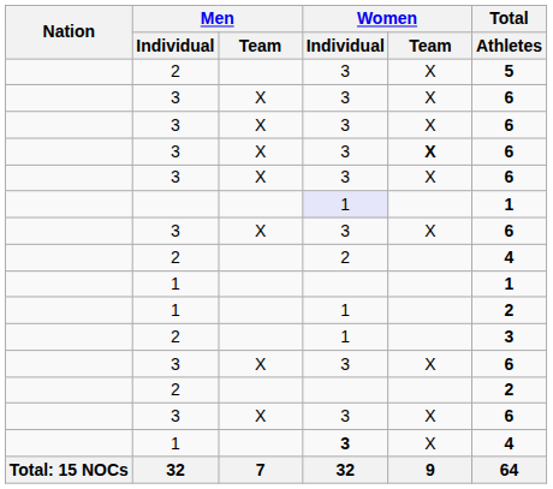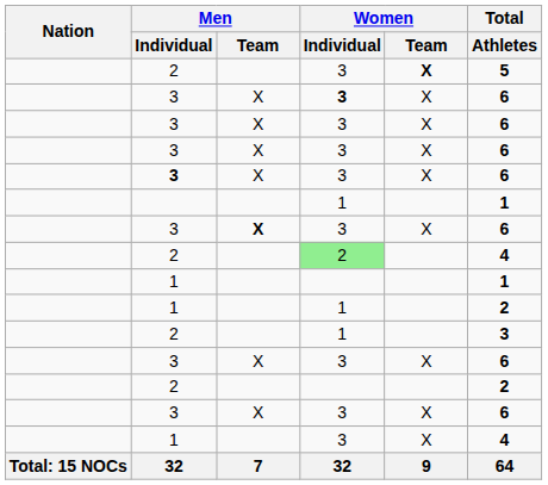 <table class="wikitable" style="text-align:center; font-size:90%">
 <tr>
 <th rowspan="2" align="left">Nation</th>
 <th colspan="2"><a href='#'>Men</a></th>
 <th colspan="2"><a href='#'>Women</a></th>
 <th>Total</th>
 </tr>
 <tr>
 <th width=65>Individual</th>
 <th width=65>Team</th>
 <th width=65>Individual</th>
 <th width=65>Team</th>
 <th width=55>Athletes</th>
 </tr>
 <tr>
 <td align=left></td>
 <td>2</td>
 <td></td>
 <td>3</td>
+<td><strong>X</strong></td>
+<td><strong>5</strong></td>
+</tr>
+<tr>
+<td align=left></td>
+<td>3</td>
 <td>X</td>
-<td><strong>5</strong></td>
+<td><strong>3</strong></td>
+<td>X</td>
+<td><strong>6</strong></td>
 </tr>
 <tr>
 <td align=left></td>
 <td>3</td>
 <td>X</td>
 <td>3</td>
 <td>X</td>
 <td><strong>6</strong></td>
 </tr>
 <tr>
 <td align=left></td>
 <td>3</td>
 <td>X</td>
 <td>3</td>
 <td>X</td>
 <td><strong>6</strong></td>
 </tr>
 <tr>
 <td align=left></td>
-<td>3</td>
-<td>X</td>
-<td>3</td>
-<td><strong>X</strong></td>
-<td><strong>6</strong></td>
-</tr>
-<tr>
-<td align=left></td>
-<td>3</td>
+<td><strong>3</strong></td>
 <td>X</td>
 <td>3</td>
 <td>X</td>
 <td><strong>6</strong></td>
 </tr>
 <tr>
 <td align=left></td>
 <td></td>
 <td></td>
-<td style="background: lavender;">1</td>
+<td>1</td>
 <td></td>
 <td><strong>1</strong></td>
 </tr>
 <tr>
 <td align=left></td>
 <td>3</td>
-<td>X</td>
+<td><strong>X</strong></td>
 <td>3</td>
 <td>X</td>
 <td><strong>6</strong></td>
 </tr>
 <tr>
 <td align=left></td>
 <td>2</td>
 <td></td>
-<td>2</td>
+<td style="background: lightgreen;">2</td>
 <td></td>
 <td><strong>4</strong></td>
 </tr>
 <tr>
 <td align=left></td>
 <td>1</td>
 <td></td>
 <td></td>
 <td></td>
 <td><strong>1</strong></td>
 </tr>
 <tr>
 <td align=left></td>
 <td>1</td>
 <td></td>
 <td>1</td>
 <td></td>
 <td><strong>2</strong></td>
 </tr>
 <tr>
 <td align=left></td>
 <td>2</td>
 <td></td>
 <td>1</td>
 <td></td>
 <td><strong>3</strong></td>
 </tr>
 <tr>
 <td align=left></td>
 <td>3</td>
 <td>X</td>
 <td>3</td>
 <td>X</td>
 <td><strong>6</strong></td>
 </tr>
 <tr>
 <td align=left></td>
 <td>2</td>
 <td></td>
 <td></td>
 <td></td>
 <td><strong>2</strong></td>
 </tr>
 <tr>
 <td align=left></td>
 <td>3</td>
 <td>X</td>
 <td>3</td>
 <td>X</td>
 <td><strong>6</strong></td>
 </tr>
 <tr>
 <td align=left></td>
 <td>1</td>
 <td></td>
-<td><strong>3</strong></td>
+<td>3</td>
 <td>X</td>
 <td><strong>4</strong></td>
 </tr>
 <tr>
 <th>Total: 15 NOCs</th>
 <th>32</th>
 <th>7</th>
 <th>32</th>
 <th>9</th>
 <th>64</th>
 </tr>
 </table>
